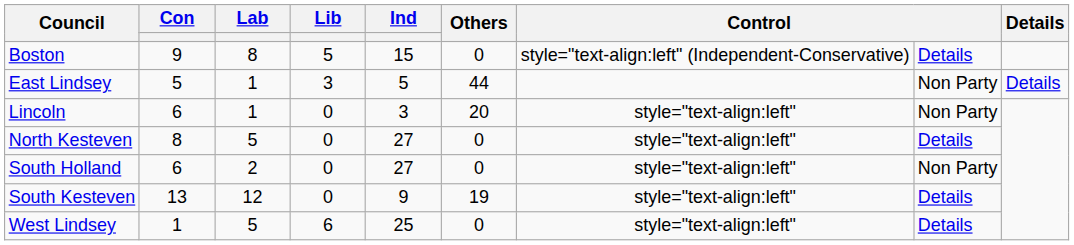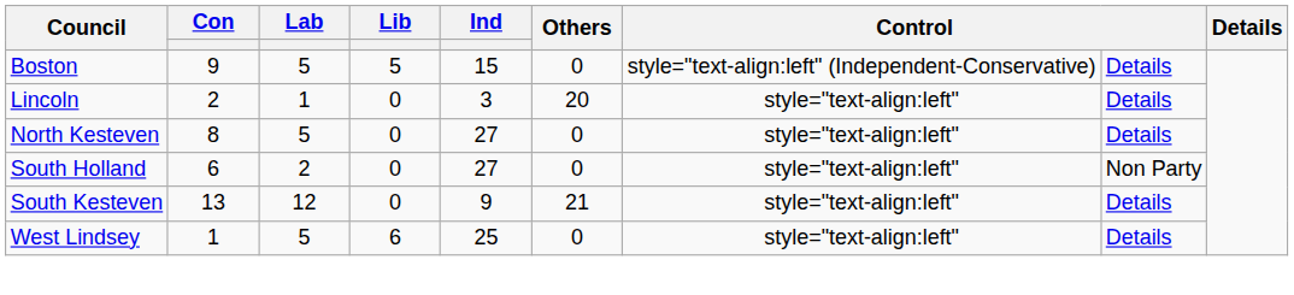 <table class="wikitable" style="text-align:center;">
 <tr>
 <th rowspan=2>Council</th>
 <th style="width:60px;"><a href='#'>Con</a></th>
 <th style="width:60px;"><a href='#'>Lab</a></th>
 <th style="width:60px;"><a href='#'>Lib</a></th>
 <th style="width:60px;"><a href='#'>Ind</a></th>
 <th style="width:60px;" rowspan=2>Others</th>
 <th rowspan=2 colspan=2>Control</th>
 <th rowspan=2>Details</th>
 </tr>
 <tr>
 <th style="background:"></th>
 <th style="background:"></th>
 <th style="background:"></th>
 <th style="background:"></th>
 </tr>
 <tr>
 <td style="text-align:left"><a href='#'>Boston</a></td>
 <td>9</td>
-<td>8</td>
+<td>5</td>
 <td>5</td>
 <td>15</td>
 <td>0</td>
 <td>style="text-align:left"  (Independent-Conservative)</td>
 <td style="text-align:left"><a href='#'>Details</a></td>
 </tr>
 <tr>
-<td style="text-align:left"><a href='#'>East Lindsey</a></td>
-<td>5</td>
-<td>1</td>
-<td>3</td>
-<td>5</td>
-<td>44</td>
-<td></td>
-<td style="text-align:left">Non Party</td>
-<td style="text-align:left"><a href='#'>Details</a></td>
-</tr>
-<tr>
 <td style="text-align:left"><a href='#'>Lincoln</a></td>
-<td>6</td>
+<td>2</td>
 <td>1</td>
 <td>0</td>
 <td>3</td>
 <td>20</td>
 <td>style="text-align:left" </td>
-<td style="text-align:left">Non Party</td>
+<td style="text-align:left"><a href='#'>Details</a></td>
 </tr>
 <tr>
 <td style="text-align:left"><a href='#'>North Kesteven</a></td>
 <td>8</td>
 <td>5</td>
 <td>0</td>
 <td>27</td>
 <td>0</td>
 <td>style="text-align:left" </td>
 <td style="text-align:left"><a href='#'>Details</a></td>
 </tr>
 <tr>
 <td style="text-align:left"><a href='#'>South Holland</a></td>
 <td>6</td>
 <td>2</td>
 <td>0</td>
 <td>27</td>
 <td>0</td>
 <td>style="text-align:left" </td>
 <td style="text-align:left">Non Party</td>
 </tr>
 <tr>
 <td style="text-align:left"><a href='#'>South Kesteven</a></td>
 <td>13</td>
 <td>12</td>
 <td>0</td>
 <td>9</td>
-<td>19</td>
+<td>21</td>
 <td>style="text-align:left" </td>
 <td style="text-align:left"><a href='#'>Details</a></td>
 </tr>
 <tr>
 <td style="text-align:left"><a href='#'>West Lindsey</a></td>
 <td>1</td>
 <td>5</td>
 <td>6</td>
 <td>25</td>
 <td>0</td>
 <td>style="text-align:left" </td>
 <td style="text-align:left"><a href='#'>Details</a></td>
 </tr>
 </table>
